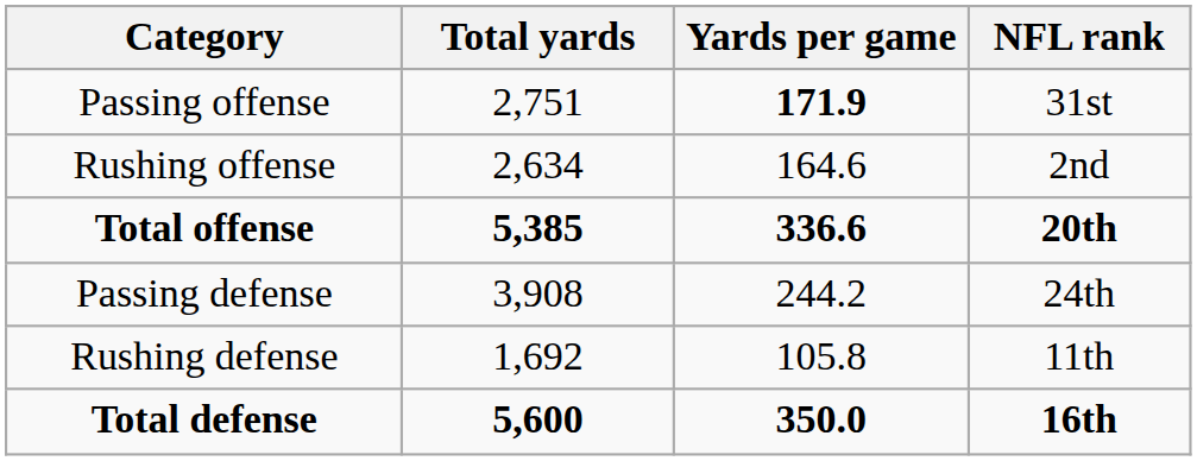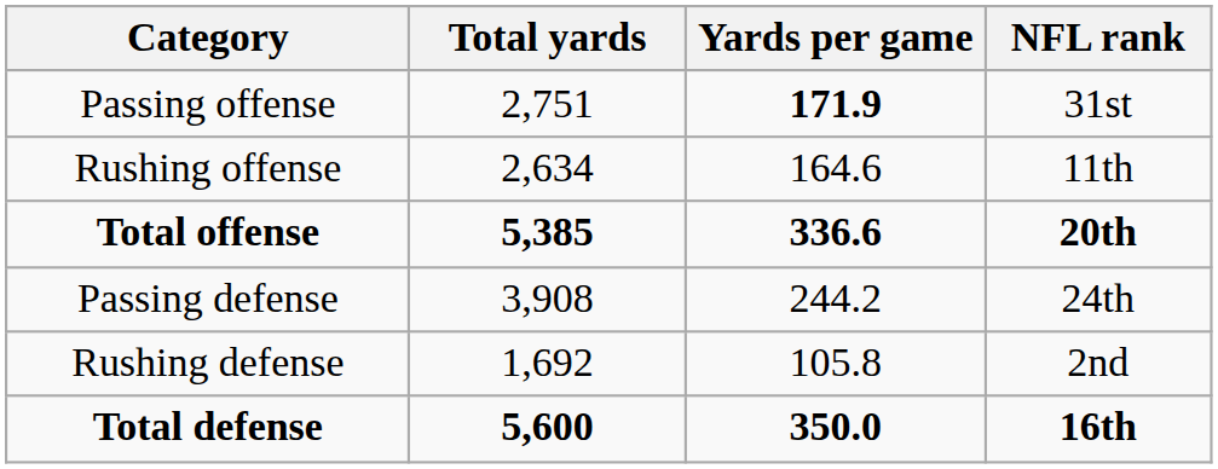 <table class="wikitable" style="text-align:center">
 <tr>
 <th width=150px>Category</th>
 <th width=100px>Total yards</th>
 <th width=110px>Yards per game</th>
 <th width=80px>NFL rank<br></th>
 </tr>
 <tr>
 <td>Passing offense</td>
 <td>2,751</td>
 <td><strong>171.9</strong></td>
 <td>31st</td>
 </tr>
 <tr>
 <td>Rushing offense</td>
 <td>2,634</td>
 <td>164.6</td>
-<td>2nd</td>
+<td>11th</td>
 </tr>
 <tr>
 <td><strong>Total offense</strong></td>
 <td><strong>5,385</strong></td>
 <td><strong>336.6</strong></td>
 <td><strong>20th</strong></td>
 </tr>
 <tr>
 <td>Passing defense</td>
 <td>3,908</td>
 <td>244.2</td>
 <td>24th</td>
 </tr>
 <tr>
 <td>Rushing defense</td>
 <td>1,692</td>
 <td>105.8</td>
-<td>11th</td>
+<td>2nd</td>
 </tr>
 <tr>
 <td><strong>Total defense</strong></td>
 <td><strong>5,600</strong></td>
 <td><strong>350.0</strong></td>
 <td><strong>16th</strong></td>
 </tr>
 </table>
